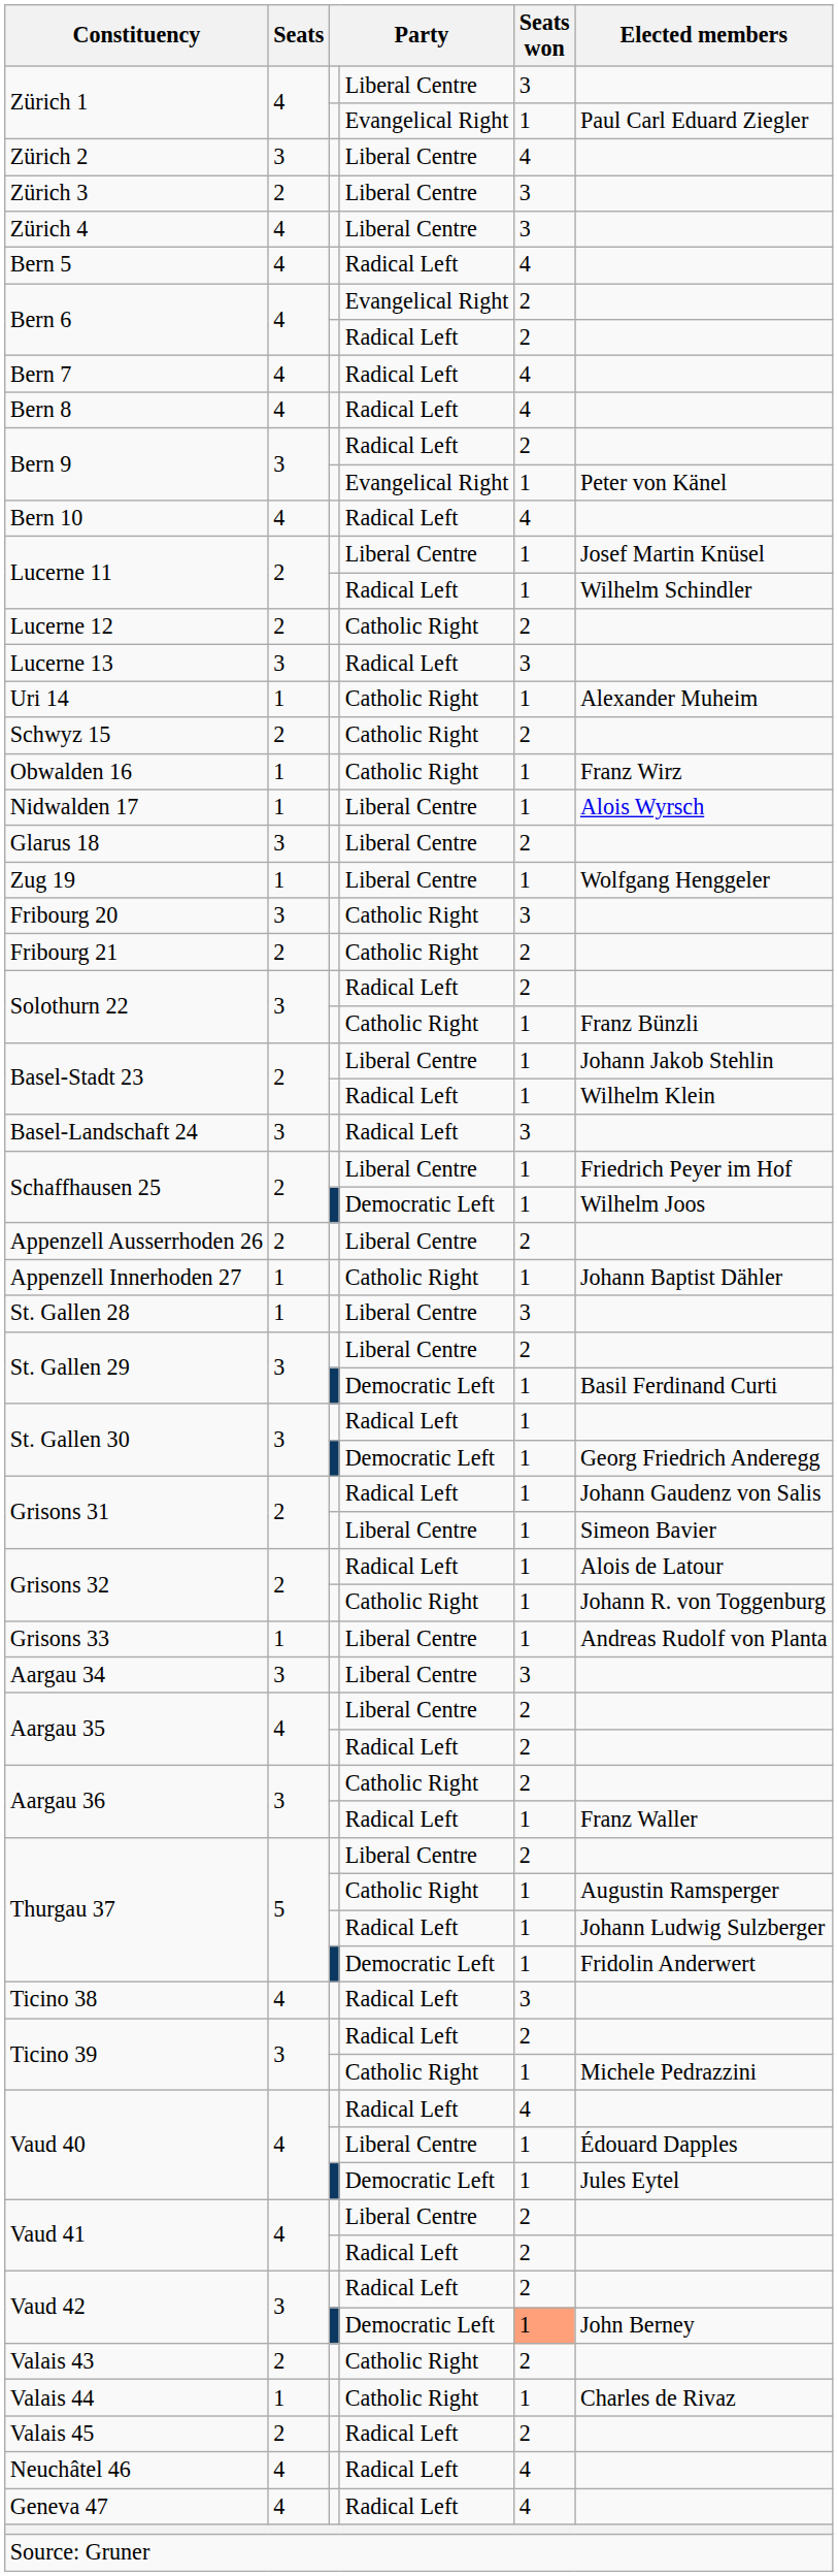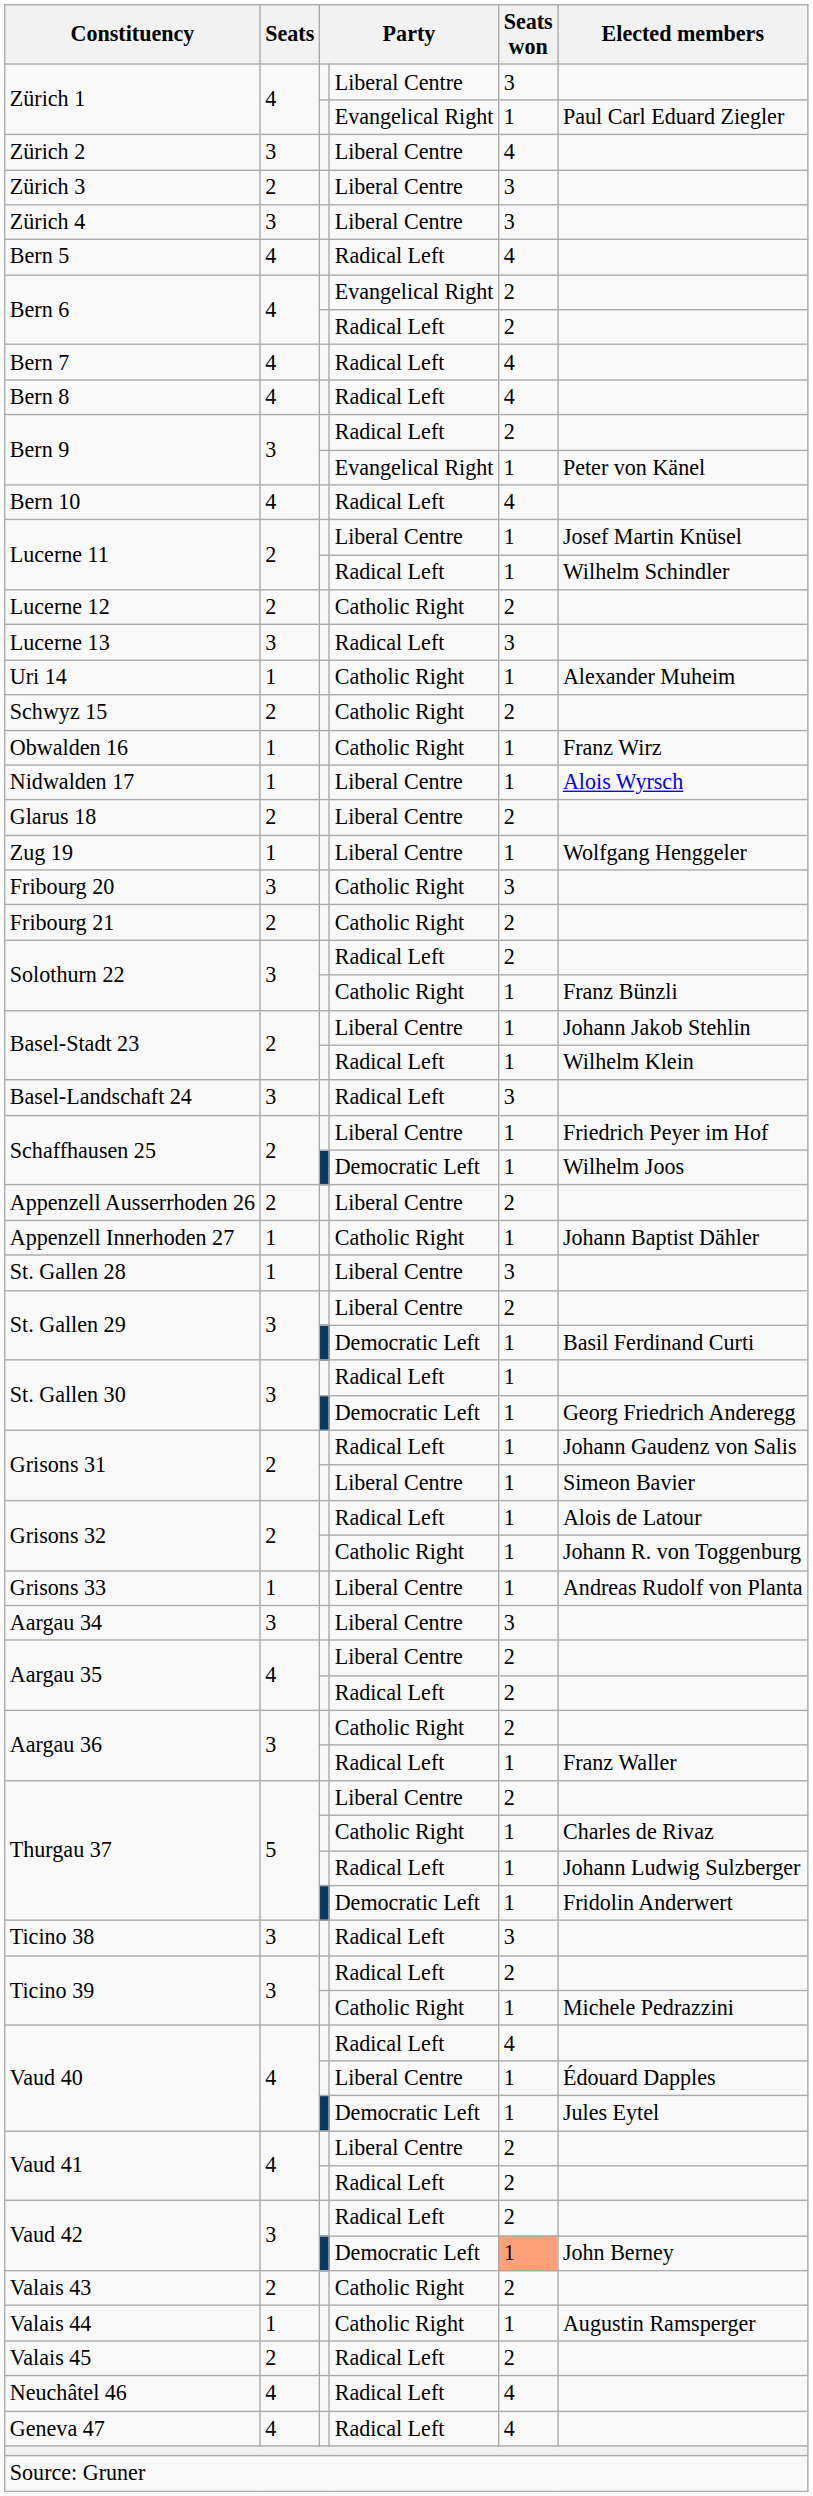 <table class="wikitable">
 <tr>
 <th>Constituency</th>
 <th>Seats</th>
 <th colspan="2">Party</th>
 <th>Seats<br>won</th>
 <th>Elected members</th>
 </tr>
 <tr>
 <td rowspan="2">Zürich 1</td>
 <td rowspan="2">4</td>
 <td style="color:inherit;background:"></td>
 <td>Liberal Centre</td>
 <td>3</td>
 <td></td>
 </tr>
 <tr>
 <td style="color:inherit;background:"></td>
 <td>Evangelical Right</td>
 <td>1</td>
 <td>Paul Carl Eduard Ziegler</td>
 </tr>
 <tr>
 <td>Zürich 2</td>
 <td>3</td>
 <td style="color:inherit;background:"></td>
 <td>Liberal Centre</td>
 <td>4</td>
 <td></td>
 </tr>
 <tr>
 <td>Zürich 3</td>
 <td>2</td>
 <td style="color:inherit;background:"></td>
 <td>Liberal Centre</td>
 <td>3</td>
 <td></td>
 </tr>
 <tr>
 <td>Zürich 4</td>
-<td>4</td>
+<td>3</td>
 <td style="color:inherit;background:"></td>
 <td>Liberal Centre</td>
 <td>3</td>
 <td></td>
 </tr>
 <tr>
 <td>Bern 5</td>
 <td>4</td>
 <td style="color:inherit;background:"></td>
 <td>Radical Left</td>
 <td>4</td>
 <td></td>
 </tr>
 <tr>
 <td rowspan="2">Bern 6</td>
 <td rowspan="2">4</td>
 <td style="color:inherit;background:"></td>
 <td>Evangelical Right</td>
 <td>2</td>
 <td></td>
 </tr>
 <tr>
 <td style="color:inherit;background:"></td>
 <td>Radical Left</td>
 <td>2</td>
 <td></td>
 </tr>
 <tr>
 <td>Bern 7</td>
 <td>4</td>
 <td style="color:inherit;background:"></td>
 <td>Radical Left</td>
 <td>4</td>
 <td></td>
 </tr>
 <tr>
 <td>Bern 8</td>
 <td>4</td>
 <td style="color:inherit;background:"></td>
 <td>Radical Left</td>
 <td>4</td>
 <td></td>
 </tr>
 <tr>
 <td rowspan="2">Bern 9</td>
 <td rowspan="2">3</td>
 <td style="color:inherit;background:"></td>
 <td>Radical Left</td>
 <td>2</td>
 <td></td>
 </tr>
 <tr>
 <td style="color:inherit;background:"></td>
 <td>Evangelical Right</td>
 <td>1</td>
 <td>Peter von Känel</td>
 </tr>
 <tr>
 <td>Bern 10</td>
 <td>4</td>
 <td style="color:inherit;background:"></td>
 <td>Radical Left</td>
 <td>4</td>
 <td></td>
 </tr>
 <tr>
 <td rowspan="2">Lucerne 11</td>
 <td rowspan="2">2</td>
 <td style="color:inherit;background:"></td>
 <td>Liberal Centre</td>
 <td>1</td>
 <td>Josef Martin Knüsel</td>
 </tr>
 <tr>
 <td style="color:inherit;background:"></td>
 <td>Radical Left</td>
 <td>1</td>
 <td>Wilhelm Schindler</td>
 </tr>
 <tr>
 <td>Lucerne 12</td>
 <td>2</td>
 <td style="color:inherit;background:"></td>
 <td>Catholic Right</td>
 <td>2</td>
 <td></td>
 </tr>
 <tr>
 <td>Lucerne 13</td>
 <td>3</td>
 <td style="color:inherit;background:"></td>
 <td>Radical Left</td>
 <td>3</td>
 <td></td>
 </tr>
 <tr>
 <td>Uri 14</td>
 <td>1</td>
 <td style="color:inherit;background:"></td>
 <td>Catholic Right</td>
 <td>1</td>
 <td>Alexander Muheim</td>
 </tr>
 <tr>
 <td>Schwyz 15</td>
 <td>2</td>
 <td style="color:inherit;background:"></td>
 <td>Catholic Right</td>
 <td>2</td>
 <td></td>
 </tr>
 <tr>
 <td>Obwalden 16</td>
 <td>1</td>
 <td style="color:inherit;background:"></td>
 <td>Catholic Right</td>
 <td>1</td>
 <td>Franz Wirz</td>
 </tr>
 <tr>
 <td>Nidwalden 17</td>
 <td>1</td>
 <td style="color:inherit;background:"></td>
 <td>Liberal Centre</td>
 <td>1</td>
 <td><a href='#'>Alois Wyrsch</a></td>
 </tr>
 <tr>
 <td>Glarus 18</td>
-<td>3</td>
+<td>2</td>
 <td style="color:inherit;background:"></td>
 <td>Liberal Centre</td>
 <td>2</td>
 <td></td>
 </tr>
 <tr>
 <td>Zug 19</td>
 <td>1</td>
 <td style="color:inherit;background:"></td>
 <td>Liberal Centre</td>
 <td>1</td>
 <td>Wolfgang Henggeler</td>
 </tr>
 <tr>
 <td>Fribourg 20</td>
 <td>3</td>
 <td style="color:inherit;background:"></td>
 <td>Catholic Right</td>
 <td>3</td>
 <td></td>
 </tr>
 <tr>
 <td>Fribourg 21</td>
 <td>2</td>
 <td style="color:inherit;background:"></td>
 <td>Catholic Right</td>
 <td>2</td>
 <td></td>
 </tr>
 <tr>
 <td rowspan="2">Solothurn 22</td>
 <td rowspan="2">3</td>
 <td style="color:inherit;background:"></td>
 <td>Radical Left</td>
 <td>2</td>
 <td></td>
 </tr>
 <tr>
 <td style="color:inherit;background:"></td>
 <td>Catholic Right</td>
 <td>1</td>
 <td>Franz Bünzli</td>
 </tr>
 <tr>
 <td rowspan="2">Basel-Stadt 23</td>
 <td rowspan="2">2</td>
 <td style="color:inherit;background:"></td>
 <td>Liberal Centre</td>
 <td>1</td>
 <td>Johann Jakob Stehlin</td>
 </tr>
 <tr>
 <td style="color:inherit;background:"></td>
 <td>Radical Left</td>
 <td>1</td>
 <td>Wilhelm Klein</td>
 </tr>
 <tr>
 <td>Basel-Landschaft 24</td>
 <td>3</td>
 <td style="color:inherit;background:"></td>
 <td>Radical Left</td>
 <td>3</td>
 <td></td>
 </tr>
 <tr>
 <td rowspan="2">Schaffhausen 25</td>
 <td rowspan="2">2</td>
 <td style="color:inherit;background:"></td>
 <td>Liberal Centre</td>
 <td>1</td>
 <td>Friedrich Peyer im Hof</td>
 </tr>
 <tr>
 <td style="color:inherit;background:#0B3861"></td>
 <td>Democratic Left</td>
 <td>1</td>
 <td>Wilhelm Joos</td>
 </tr>
 <tr>
 <td>Appenzell Ausserrhoden 26</td>
 <td>2</td>
 <td style="color:inherit;background:"></td>
 <td>Liberal Centre</td>
 <td>2</td>
 <td></td>
 </tr>
 <tr>
 <td>Appenzell Innerhoden 27</td>
 <td>1</td>
 <td style="color:inherit;background:"></td>
 <td>Catholic Right</td>
 <td>1</td>
 <td>Johann Baptist Dähler</td>
 </tr>
 <tr>
 <td>St. Gallen 28</td>
 <td>1</td>
 <td style="color:inherit;background:"></td>
 <td>Liberal Centre</td>
 <td>3</td>
 <td></td>
 </tr>
 <tr>
 <td rowspan="2">St. Gallen 29</td>
 <td rowspan="2">3</td>
 <td style="color:inherit;background:"></td>
 <td>Liberal Centre</td>
 <td>2</td>
 <td></td>
 </tr>
 <tr>
 <td style="color:inherit;background:#0B3861"></td>
 <td>Democratic Left</td>
 <td>1</td>
 <td>Basil Ferdinand Curti</td>
 </tr>
 <tr>
 <td rowspan="2">St. Gallen 30</td>
 <td rowspan="2">3</td>
 <td style="color:inherit;background:"></td>
 <td>Radical Left</td>
 <td>1</td>
 <td></td>
 </tr>
 <tr>
 <td style="color:inherit;background:#0B3861"></td>
 <td>Democratic Left</td>
 <td>1</td>
 <td>Georg Friedrich Anderegg</td>
 </tr>
 <tr>
 <td rowspan="2">Grisons 31</td>
 <td rowspan="2">2</td>
 <td style="color:inherit;background:"></td>
 <td>Radical Left</td>
 <td>1</td>
 <td>Johann Gaudenz von Salis</td>
 </tr>
 <tr>
 <td style="color:inherit;background:"></td>
 <td>Liberal Centre</td>
 <td>1</td>
 <td>Simeon Bavier</td>
 </tr>
 <tr>
 <td rowspan="2">Grisons 32</td>
 <td rowspan="2">2</td>
 <td style="color:inherit;background:"></td>
 <td>Radical Left</td>
 <td>1</td>
 <td>Alois de Latour</td>
 </tr>
 <tr>
 <td style="color:inherit;background:"></td>
 <td>Catholic Right</td>
 <td>1</td>
 <td>Johann R. von Toggenburg</td>
 </tr>
 <tr>
 <td>Grisons 33</td>
 <td>1</td>
 <td style="color:inherit;background:"></td>
 <td>Liberal Centre</td>
 <td>1</td>
 <td>Andreas Rudolf von Planta</td>
 </tr>
 <tr>
 <td>Aargau 34</td>
 <td>3</td>
 <td style="color:inherit;background:"></td>
 <td>Liberal Centre</td>
 <td>3</td>
 <td></td>
 </tr>
 <tr>
 <td rowspan="2">Aargau 35</td>
 <td rowspan="2">4</td>
 <td style="color:inherit;background:"></td>
 <td>Liberal Centre</td>
 <td>2</td>
 <td></td>
 </tr>
 <tr>
 <td style="color:inherit;background:"></td>
 <td>Radical Left</td>
 <td>2</td>
 <td></td>
 </tr>
 <tr>
 <td rowspan="2">Aargau 36</td>
 <td rowspan="2">3</td>
 <td style="color:inherit;background:"></td>
 <td>Catholic Right</td>
 <td>2</td>
 <td></td>
 </tr>
 <tr>
 <td style="color:inherit;background:"></td>
 <td>Radical Left</td>
 <td>1</td>
 <td>Franz Waller</td>
 </tr>
 <tr>
 <td rowspan="4">Thurgau 37</td>
 <td rowspan="4">5</td>
 <td style="color:inherit;background:"></td>
 <td>Liberal Centre</td>
 <td>2</td>
 <td></td>
 </tr>
 <tr>
 <td style="color:inherit;background:"></td>
 <td>Catholic Right</td>
 <td>1</td>
-<td>Augustin Ramsperger</td>
+<td>Charles de Rivaz</td>
 </tr>
 <tr>
 <td style="color:inherit;background:"></td>
 <td>Radical Left</td>
 <td>1</td>
 <td>Johann Ludwig Sulzberger</td>
 </tr>
 <tr>
 <td style="color:inherit;background:#0B3861"></td>
 <td>Democratic Left</td>
 <td>1</td>
 <td>Fridolin Anderwert</td>
 </tr>
 <tr>
 <td>Ticino 38</td>
-<td>4</td>
+<td>3</td>
 <td style="color:inherit;background:"></td>
 <td>Radical Left</td>
 <td>3</td>
 <td></td>
 </tr>
 <tr>
 <td rowspan="2">Ticino 39</td>
 <td rowspan="2">3</td>
 <td style="color:inherit;background:"></td>
 <td>Radical Left</td>
 <td>2</td>
 <td></td>
 </tr>
 <tr>
 <td style="color:inherit;background:"></td>
 <td>Catholic Right</td>
 <td>1</td>
 <td>Michele Pedrazzini</td>
 </tr>
 <tr>
 <td rowspan="3">Vaud 40</td>
 <td rowspan="3">4</td>
 <td style="color:inherit;background:"></td>
 <td>Radical Left</td>
 <td>4</td>
 <td></td>
 </tr>
 <tr>
 <td style="color:inherit;background:"></td>
 <td>Liberal Centre</td>
 <td>1</td>
 <td>Édouard Dapples</td>
 </tr>
 <tr>
 <td style="color:inherit;background:#0B3861"></td>
 <td>Democratic Left</td>
 <td>1</td>
 <td>Jules Eytel</td>
 </tr>
 <tr>
 <td rowspan="2">Vaud 41</td>
 <td rowspan="2">4</td>
 <td style="color:inherit;background:"></td>
 <td>Liberal Centre</td>
 <td>2</td>
 <td></td>
 </tr>
 <tr>
 <td style="color:inherit;background:"></td>
 <td>Radical Left</td>
 <td>2</td>
 <td></td>
 </tr>
 <tr>
 <td rowspan="2">Vaud 42</td>
 <td rowspan="2">3</td>
 <td style="color:inherit;background:"></td>
 <td>Radical Left</td>
 <td>2</td>
 <td></td>
 </tr>
 <tr>
 <td style="color:inherit;background:#0B3861"></td>
 <td>Democratic Left</td>
 <td style="background: lightsalmon;">1</td>
 <td>John Berney</td>
 </tr>
 <tr>
 <td>Valais 43</td>
 <td>2</td>
 <td style="color:inherit;background:"></td>
 <td>Catholic Right</td>
 <td>2</td>
 <td></td>
 </tr>
 <tr>
 <td>Valais 44</td>
 <td>1</td>
 <td style="color:inherit;background:"></td>
 <td>Catholic Right</td>
 <td>1</td>
-<td>Charles de Rivaz</td>
+<td>Augustin Ramsperger</td>
 </tr>
 <tr>
 <td>Valais 45</td>
 <td>2</td>
 <td style="color:inherit;background:"></td>
 <td>Radical Left</td>
 <td>2</td>
 <td></td>
 </tr>
 <tr>
 <td>Neuchâtel 46</td>
 <td>4</td>
 <td style="color:inherit;background:"></td>
 <td>Radical Left</td>
 <td>4</td>
 <td></td>
 </tr>
 <tr>
 <td>Geneva 47</td>
 <td>4</td>
 <td style="color:inherit;background:"></td>
 <td>Radical Left</td>
 <td>4</td>
 <td></td>
 </tr>
 <tr>
 <th colspan="6"></th>
 </tr>
 <tr>
 <td colspan="6">Source: Gruner</td>
 </tr>
 </table>
